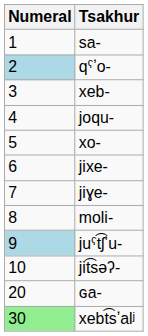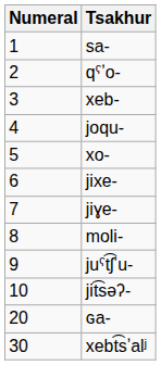 <table class="wikitable">
 <tr>
 <th>Numeral</th>
 <th>Tsakhur</th>
 </tr>
 <tr>
 <td>1</td>
 <td>sa-</td>
 </tr>
 <tr>
-<td style="background: lightblue;">2</td>
+<td>2</td>
 <td>qˤʼo-</td>
 </tr>
 <tr>
 <td>3</td>
 <td>xeb-</td>
 </tr>
 <tr>
 <td>4</td>
 <td>joqu-</td>
 </tr>
 <tr>
 <td>5</td>
 <td>xo-</td>
 </tr>
 <tr>
 <td>6</td>
 <td>jixe-</td>
 </tr>
 <tr>
 <td>7</td>
 <td>jiɣe-</td>
 </tr>
 <tr>
 <td>8</td>
 <td>moli-</td>
 </tr>
 <tr>
-<td style="background: lightblue;">9</td>
+<td>9</td>
 <td>juˤt͡ʃʼu-</td>
 </tr>
 <tr>
 <td>10</td>
 <td>jit͡səʔ-</td>
 </tr>
 <tr>
 <td>20</td>
 <td>ɢa-</td>
 </tr>
 <tr>
-<td style="background: lightgreen;">30</td>
+<td>30</td>
 <td>xebt͡sʼalʲ</td>
 </tr>
 </table>
